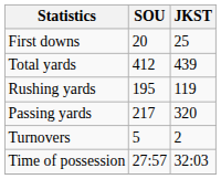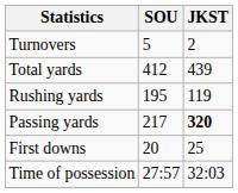 <table class="wikitable">
 <tr>
 <th>Statistics</th>
 <th>SOU</th>
 <th>JKST</th>
 </tr>
 <tr>
-<td>First downs</td>
-<td>20</td>
-<td>25</td>
+<td>Turnovers</td>
+<td>5</td>
+<td>2</td>
 </tr>
 <tr>
 <td>Total yards</td>
 <td>412</td>
 <td>439</td>
 </tr>
 <tr>
 <td>Rushing yards</td>
 <td>195</td>
 <td>119</td>
 </tr>
 <tr>
 <td>Passing yards</td>
 <td>217</td>
-<td>320</td>
+<td><strong>320</strong></td>
 </tr>
 <tr>
-<td>Turnovers</td>
-<td>5</td>
-<td>2</td>
+<td>First downs</td>
+<td>20</td>
+<td>25</td>
 </tr>
 <tr>
 <td>Time of possession</td>
 <td>27:57</td>
 <td>32:03</td>
 </tr>
 <tr>
 </tr>
 </table>
